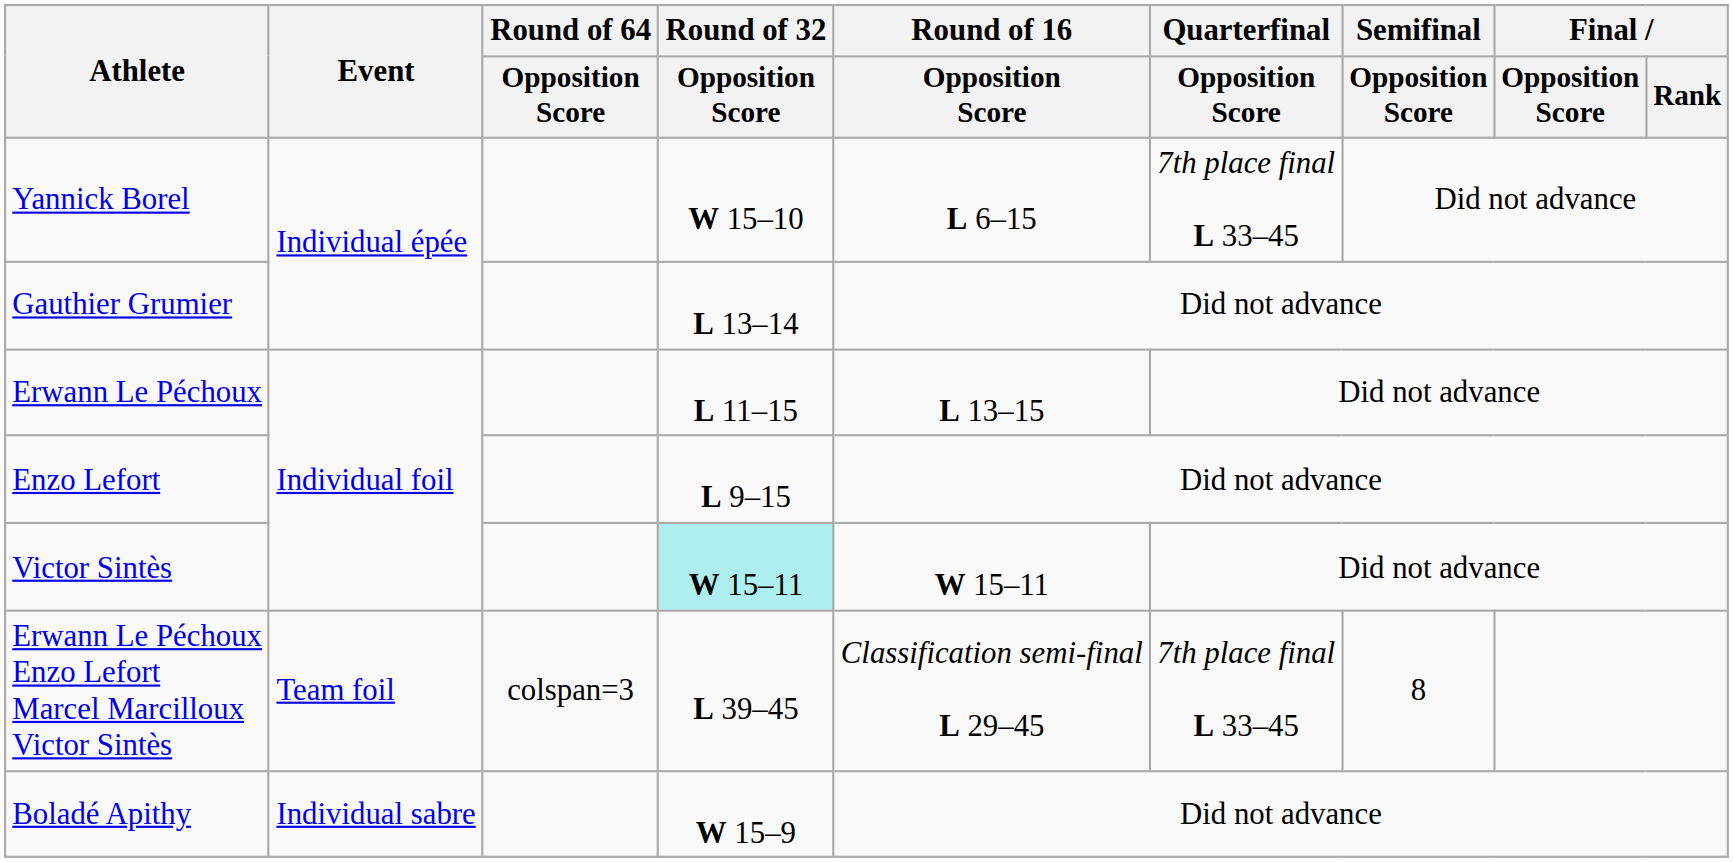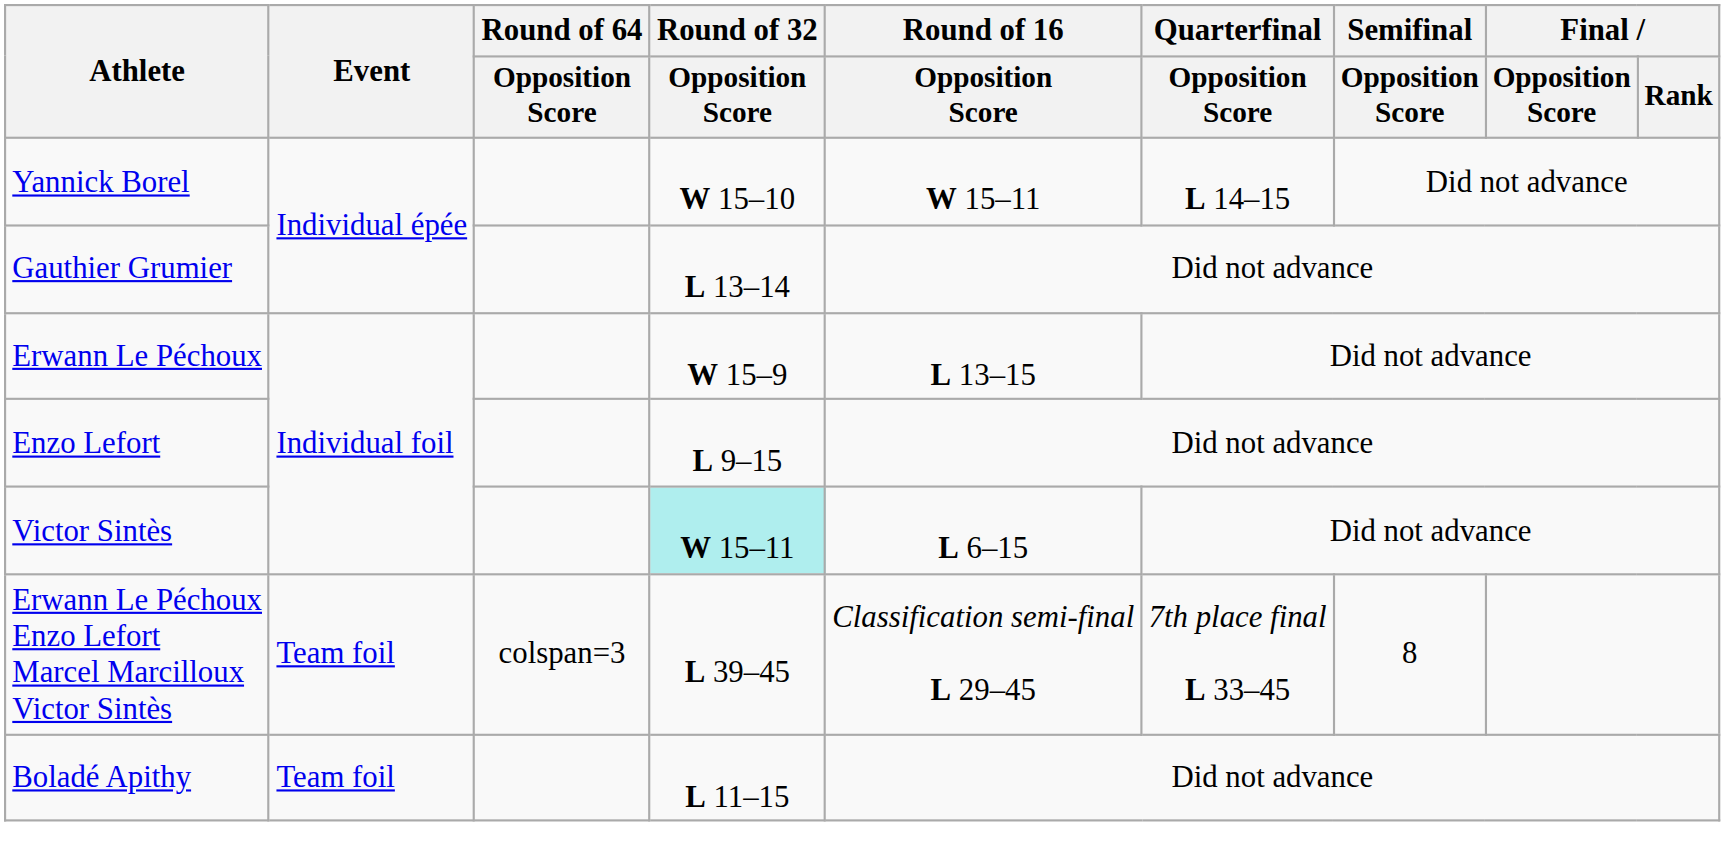 <table class="wikitable" style="font-size:90%">
 <tr>
 <th rowspan="2">Athlete</th>
 <th rowspan="2">Event</th>
 <th>Round of 64</th>
 <th>Round of 32</th>
 <th>Round of 16</th>
 <th>Quarterfinal</th>
 <th>Semifinal</th>
 <th colspan=2>Final / </th>
 </tr>
 <tr style="font-size:95%">
 <th>Opposition <br> Score</th>
 <th>Opposition <br> Score</th>
 <th>Opposition <br> Score</th>
 <th>Opposition <br> Score</th>
 <th>Opposition <br> Score</th>
 <th>Opposition <br> Score</th>
 <th>Rank</th>
 </tr>
 <tr align=center>
 <td align=left><a href='#'>Yannick Borel</a></td>
 <td align=left rowspan=2><a href='#'>Individual épée</a></td>
 <td></td>
 <td><br><strong>W</strong> 15–10</td>
-<td><br><strong>L</strong> 6–15</td>
-<td><em>7th place final</em><br><br><strong>L</strong> 33–45</td>
+<td><br><strong>W</strong> 15–11</td>
+<td><br><strong>L</strong> 14–15</td>
 <td colspan=3>Did not advance</td>
 </tr>
 <tr align=center>
 <td align=left><a href='#'>Gauthier Grumier</a></td>
 <td></td>
 <td><br><strong>L</strong> 13–14</td>
 <td colspan=5>Did not advance</td>
 </tr>
 <tr align=center>
 <td align=left><a href='#'>Erwann Le Péchoux</a></td>
 <td align=left rowspan=3><a href='#'>Individual foil</a></td>
 <td></td>
-<td><br><strong>L</strong> 11–15</td>
+<td><br><strong>W</strong> 15–9</td>
 <td><br><strong>L</strong> 13–15</td>
 <td colspan=4>Did not advance</td>
 </tr>
 <tr align=center>
 <td align=left><a href='#'>Enzo Lefort</a></td>
 <td></td>
 <td><br><strong>L</strong> 9–15</td>
 <td colspan=5>Did not advance</td>
 </tr>
 <tr align=center>
 <td align=left><a href='#'>Victor Sintès</a></td>
 <td></td>
 <td style="background: paleturquoise;"><br><strong>W</strong> 15–11</td>
-<td><br><strong>W</strong> 15–11</td>
+<td><br><strong>L</strong> 6–15</td>
 <td colspan=4>Did not advance</td>
 </tr>
 <tr align=center>
 <td align=left><a href='#'>Erwann Le Péchoux</a><br><a href='#'>Enzo Lefort</a><br><a href='#'>Marcel Marcilloux</a><br><a href='#'>Victor Sintès</a></td>
 <td align=left><a href='#'>Team foil</a></td>
 <td>colspan=3 </td>
 <td><br><strong>L</strong> 39–45</td>
 <td><em>Classification semi-final</em><br><br><strong>L</strong> 29–45</td>
 <td><em>7th place final</em><br><br><strong>L</strong> 33–45</td>
 <td>8</td>
 </tr>
 <tr align=center>
 <td align=left><a href='#'>Boladé Apithy</a></td>
-<td align=left><a href='#'>Individual sabre</a></td>
+<td align=left><a href='#'>Team foil</a></td>
 <td></td>
-<td><br><strong>W</strong> 15–9</td>
+<td><br><strong>L</strong> 11–15</td>
 <td colspan=5>Did not advance</td>
 </tr>
 </table>
